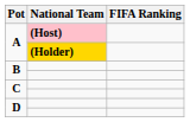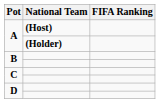 <table class="wikitable" style="text-align: center;">
 <tr>
 <th>Pot</th>
 <th>National Team</th>
 <th>FIFA Ranking</th>
 </tr>
 <tr>
 <td rowspan="2"><strong>A</strong></td>
-<td align="left" style="background: pink;"> <strong>(Host)</strong></td>
+<td align="left"> <strong>(Host)</strong></td>
 <td align="left"></td>
 </tr>
 <tr>
-<td align="left" style="background: gold;"> <strong>(Holder)</strong></td>
+<td align="left"> <strong>(Holder)</strong></td>
 <td align="left"></td>
 </tr>
 <tr>
 <td rowspan="2"><strong>B</strong></td>
 <td align="left"></td>
 <td align="left"></td>
 </tr>
 <tr>
 <td align="left"></td>
 <td align="left"></td>
 </tr>
 <tr>
 <td rowspan="2"><strong>C</strong></td>
 <td align="left"></td>
 <td align="left"></td>
 </tr>
 <tr>
 <td align="left"></td>
 <td align="left"></td>
 </tr>
 <tr>
 <td rowspan="2"><strong>D</strong></td>
 <td align="left"></td>
 <td align="left"></td>
 </tr>
 <tr>
 <td align="left"></td>
 <td align="left"></td>
 </tr>
 </table>
